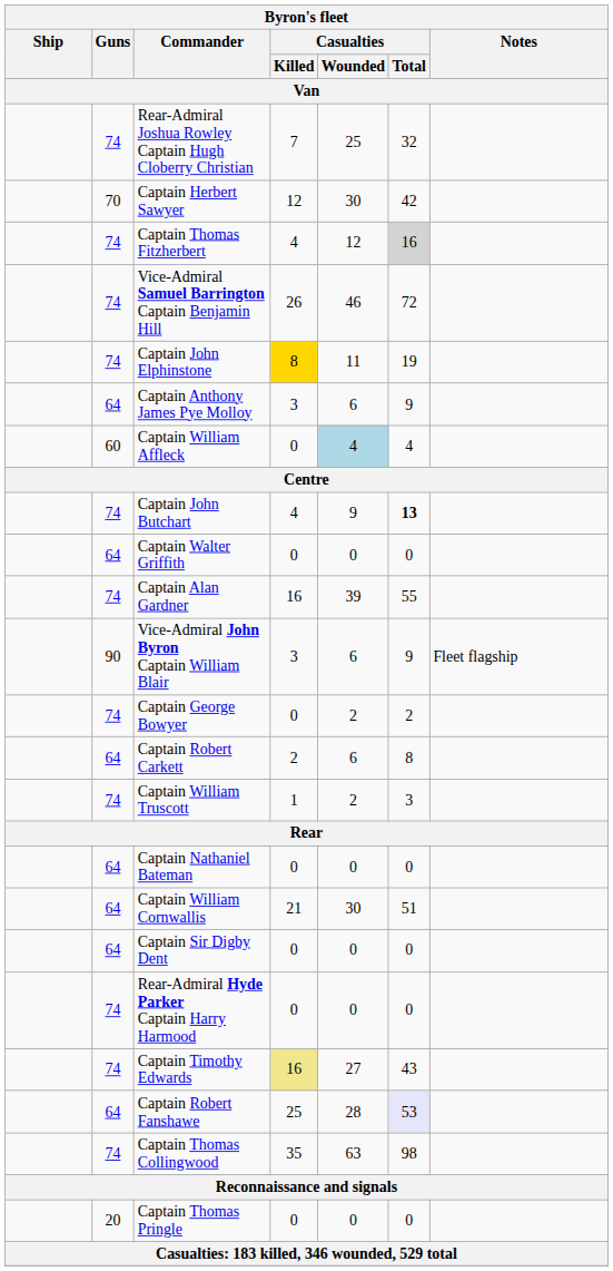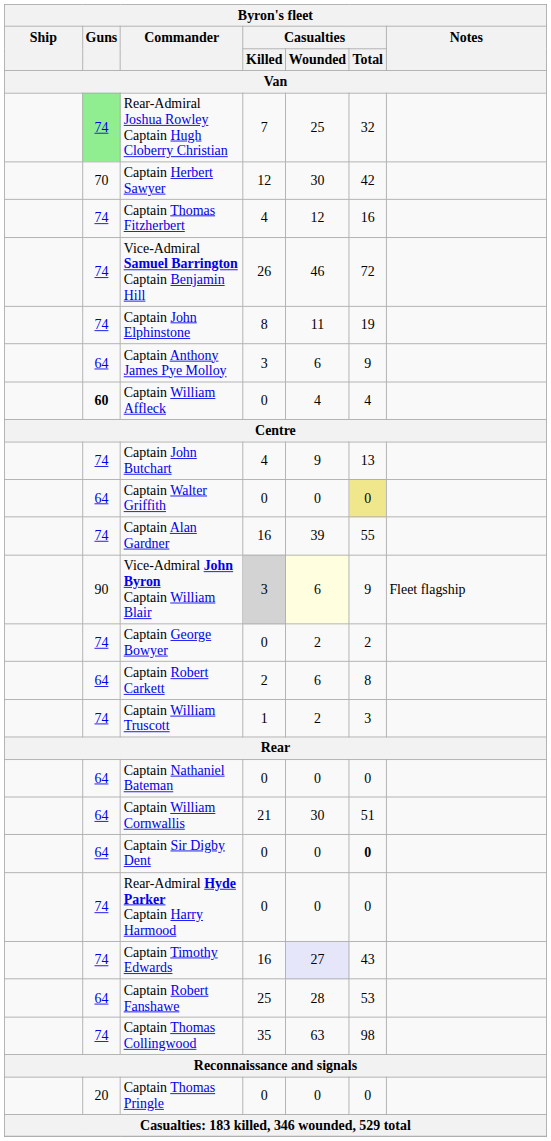 <table class="wikitable" width=100%>
 <tr valign="top">
 <th colspan="8" bgcolor="white">Byron's fleet</th>
 </tr>
 <tr valign="top">
 <th width=17%; align= center rowspan=2>Ship</th>
 <th width=5%; align= center rowspan=2>Guns</th>
 <th width=25%; align= center rowspan=2>Commander</th>
 <th width=9%; align= center colspan=3>Casualties</th>
 <th width=36%; align= center rowspan=2>Notes</th>
 </tr>
 <tr valign="top">
 <th width=3%; align= center>Killed</th>
 <th width=3%; align= center>Wounded</th>
 <th width=3%; align= center>Total</th>
 </tr>
 <tr valign="center">
 <th colspan="8" bgcolor="white">Van</th>
 </tr>
 <tr valign="center">
 <td align= left></td>
-<td align= center><a href='#'>74</a></td>
+<td align= center style="background: lightgreen;"><a href='#'>74</a></td>
 <td align= left>Rear-Admiral <a href='#'>Joshua Rowley</a><br>Captain <a href='#'>Hugh Cloberry Christian</a></td>
 <td align= center>7</td>
 <td align= center>25</td>
 <td align= center>32</td>
 <td align= left></td>
 </tr>
 <tr valign="center">
 <td align= left></td>
 <td align= center>70</td>
 <td align= left>Captain <a href='#'>Herbert Sawyer</a></td>
 <td align= center>12</td>
 <td align= center>30</td>
 <td align= center>42</td>
 <td align= left></td>
 </tr>
 <tr valign="center">
 <td align= left></td>
 <td align= center><a href='#'>74</a></td>
 <td align= left>Captain <a href='#'>Thomas Fitzherbert</a></td>
 <td align= center>4</td>
 <td align= center>12</td>
-<td align= center style="background: lightgrey;">16</td>
+<td align= center>16</td>
 <td align= left></td>
 </tr>
 <tr valign="center">
 <td align= left></td>
 <td align= center><a href='#'>74</a></td>
 <td align= left>Vice-Admiral <strong><a href='#'>Samuel Barrington</a></strong><br>Captain <a href='#'>Benjamin Hill</a></td>
 <td align= center>26</td>
 <td align= center>46</td>
 <td align= center>72</td>
 <td align= left></td>
 </tr>
 <tr valign="center">
 <td align= left></td>
 <td align= center><a href='#'>74</a></td>
 <td align= left>Captain <a href='#'>John Elphinstone</a></td>
-<td align= center style="background: gold;">8</td>
+<td align= center>8</td>
 <td align= center>11</td>
 <td align= center>19</td>
 <td align= left></td>
 </tr>
 <tr valign="center">
 <td align= left></td>
 <td align= center><a href='#'>64</a></td>
 <td align= left>Captain <a href='#'>Anthony James Pye Molloy</a></td>
 <td align= center>3</td>
 <td align= center>6</td>
 <td align= center>9</td>
 <td align= left></td>
 </tr>
 <tr valign="center">
 <td align= left></td>
-<td align= center>60</td>
+<td align= center><strong>60</strong></td>
 <td align= left>Captain <a href='#'>William Affleck</a></td>
 <td align= center>0</td>
-<td align= center style="background: lightblue;">4</td>
+<td align= center>4</td>
 <td align= center>4</td>
 <td align= left></td>
 </tr>
 <tr valign="center">
 <th colspan="8" bgcolor="white">Centre</th>
 </tr>
 <tr valign="center">
 <td align= left></td>
 <td align= center><a href='#'>74</a></td>
 <td align= left>Captain <a href='#'>John Butchart</a></td>
 <td align= center>4</td>
 <td align= center>9</td>
-<td align= center><strong>13</strong></td>
+<td align= center>13</td>
 <td align= left></td>
 </tr>
 <tr valign="center">
 <td align= left></td>
 <td align= center><a href='#'>64</a></td>
 <td align= left>Captain <a href='#'>Walter Griffith</a></td>
 <td align= center>0</td>
 <td align= center>0</td>
-<td align= center>0</td>
+<td align= center style="background: khaki;">0</td>
 <td align= left></td>
 </tr>
 <tr valign="center">
 <td align= left></td>
 <td align= center><a href='#'>74</a></td>
 <td align= left>Captain <a href='#'>Alan Gardner</a></td>
 <td align= center>16</td>
 <td align= center>39</td>
 <td align= center>55</td>
 <td align= left></td>
 </tr>
 <tr valign="center">
 <td align= left></td>
 <td align= center>90</td>
 <td align= left>Vice-Admiral <strong><a href='#'>John Byron</a></strong><br>Captain <a href='#'>William Blair</a></td>
-<td align= center>3</td>
-<td align= center>6</td>
+<td align= center style="background: lightgrey;">3</td>
+<td align= center style="background: lightyellow;">6</td>
 <td align= center>9</td>
 <td align= left>Fleet flagship</td>
 </tr>
 <tr valign="center">
 <td align= left></td>
 <td align= center><a href='#'>74</a></td>
 <td align= left>Captain <a href='#'>George Bowyer</a></td>
 <td align= center>0</td>
 <td align= center>2</td>
 <td align= center>2</td>
 <td align= left></td>
 </tr>
 <tr valign="center">
 <td align= left></td>
 <td align= center><a href='#'>64</a></td>
 <td align= left>Captain <a href='#'>Robert Carkett</a></td>
 <td align= center>2</td>
 <td align= center>6</td>
 <td align= center>8</td>
 <td align= left></td>
 </tr>
 <tr valign="center">
 <td align= left></td>
 <td align= center><a href='#'>74</a></td>
 <td align= left>Captain <a href='#'>William Truscott</a></td>
 <td align= center>1</td>
 <td align= center>2</td>
 <td align= center>3</td>
 <td align= left></td>
 </tr>
 <tr valign="center">
 <th colspan="8" bgcolor="white">Rear</th>
 </tr>
 <tr valign="center">
 <td align= left></td>
 <td align= center><a href='#'>64</a></td>
 <td align= left>Captain <a href='#'>Nathaniel Bateman</a></td>
 <td align= center>0</td>
 <td align= center>0</td>
 <td align= center>0</td>
 <td align= left></td>
 </tr>
 <tr valign="center">
 <td align= left></td>
 <td align= center><a href='#'>64</a></td>
 <td align= left>Captain <a href='#'>William Cornwallis</a></td>
 <td align= center>21</td>
 <td align= center>30</td>
 <td align= center>51</td>
 <td align= left></td>
 </tr>
 <tr valign="center">
 <td align= left></td>
 <td align= center><a href='#'>64</a></td>
 <td align= left>Captain <a href='#'>Sir Digby Dent</a></td>
 <td align= center>0</td>
 <td align= center>0</td>
-<td align= center>0</td>
+<td align= center><strong>0</strong></td>
 <td align= left></td>
 </tr>
 <tr valign="center">
 <td align= left></td>
 <td align= center><a href='#'>74</a></td>
 <td align= left>Rear-Admiral <strong><a href='#'>Hyde Parker</a></strong><br>Captain <a href='#'>Harry Harmood</a></td>
 <td align= center>0</td>
 <td align= center>0</td>
 <td align= center>0</td>
 <td align= left></td>
 </tr>
 <tr valign="center">
 <td align= left></td>
 <td align= center><a href='#'>74</a></td>
 <td align= left>Captain <a href='#'>Timothy Edwards</a></td>
-<td align= center style="background: khaki;">16</td>
-<td align= center>27</td>
+<td align= center>16</td>
+<td align= center style="background: lavender;">27</td>
 <td align= center>43</td>
 <td align= left></td>
 </tr>
 <tr valign="center">
 <td align= left></td>
 <td align= center><a href='#'>64</a></td>
 <td align= left>Captain <a href='#'>Robert Fanshawe</a></td>
 <td align= center>25</td>
 <td align= center>28</td>
-<td align= center style="background: lavender;">53</td>
+<td align= center>53</td>
 <td align= left></td>
 </tr>
 <tr valign="center">
 <td align= left></td>
 <td align= center><a href='#'>74</a></td>
 <td align= left>Captain <a href='#'>Thomas Collingwood</a></td>
 <td align= center>35</td>
 <td align= center>63</td>
 <td align= center>98</td>
 <td align= left></td>
 </tr>
 <tr valign="center">
 <th colspan="8" bgcolor="white">Reconnaissance and signals</th>
 </tr>
 <tr valign="center">
 <td align= left></td>
 <td align= center>20</td>
 <td align= left>Captain <a href='#'>Thomas Pringle</a></td>
 <td align= center>0</td>
 <td align= center>0</td>
 <td align= center>0</td>
 <td align= left></td>
 </tr>
 <tr valign="center">
 <th colspan="8" bgcolor="white">Casualties: 183 killed, 346 wounded, 529 total</th>
 </tr>
 <tr valign="center">
 </tr>
 </table>
